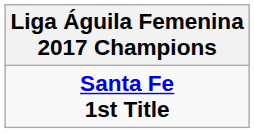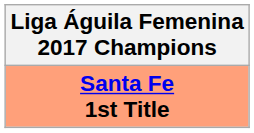 <table class="wikitable" style="text-align: center; margin: 0 auto;">
 <tr>
 <th>Liga Águila Femenina<br>2017 Champions</th>
 </tr>
 <tr>
-<td><strong><a href='#'>Santa Fe</a></strong><br><strong>1st Title</strong></td>
+<td style="background: lightsalmon;"><strong><a href='#'>Santa Fe</a></strong><br><strong>1st Title</strong></td>
 </tr>
 </table>
